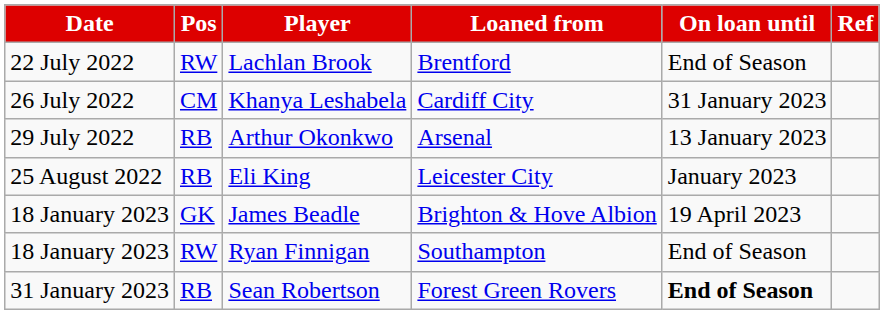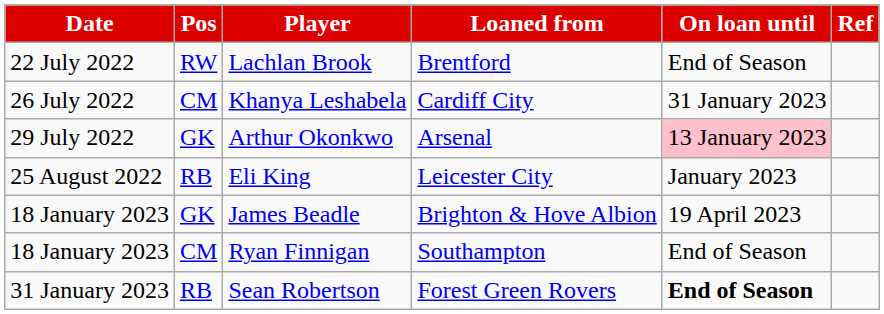 <table class="wikitable plainrowheaders sortable">
 <tr>
 <th style="background:#DD0000; color:#ffffff; ">Date</th>
 <th style="background:#DD0000; color:#ffffff; ">Pos</th>
 <th style="background:#DD0000; color:#ffffff; ">Player</th>
 <th style="background:#DD0000; color:#ffffff; ">Loaned from</th>
 <th style="background:#DD0000; color:#ffffff; ">On loan until</th>
 <th style="background:#DD0000; color:#ffffff; ">Ref</th>
 </tr>
 <tr>
 <td>22 July 2022</td>
 <td><a href='#'>RW</a></td>
 <td> <a href='#'>Lachlan Brook</a></td>
 <td> <a href='#'>Brentford</a></td>
 <td>End of Season</td>
 <td></td>
 </tr>
 <tr>
 <td>26 July 2022</td>
 <td><a href='#'>CM</a></td>
 <td> <a href='#'>Khanya Leshabela</a></td>
 <td> <a href='#'>Cardiff City</a></td>
 <td>31 January 2023</td>
 <td></td>
 </tr>
 <tr>
 <td>29 July 2022</td>
-<td><a href='#'>RB</a></td>
+<td><a href='#'>GK</a></td>
 <td> <a href='#'>Arthur Okonkwo</a></td>
 <td> <a href='#'>Arsenal</a></td>
-<td>13 January 2023</td>
+<td style="background: pink;">13 January 2023</td>
 <td></td>
 </tr>
 <tr>
 <td>25 August 2022</td>
 <td><a href='#'>RB</a></td>
 <td> <a href='#'>Eli King</a></td>
 <td> <a href='#'>Leicester City</a></td>
 <td>January 2023</td>
 <td></td>
 </tr>
 <tr>
 <td>18 January 2023</td>
 <td><a href='#'>GK</a></td>
 <td> <a href='#'>James Beadle</a></td>
 <td> <a href='#'>Brighton & Hove Albion</a></td>
 <td>19 April 2023</td>
 <td></td>
 </tr>
 <tr>
 <td>18 January 2023</td>
-<td><a href='#'>RW</a></td>
+<td><a href='#'>CM</a></td>
 <td> <a href='#'>Ryan Finnigan</a></td>
 <td> <a href='#'>Southampton</a></td>
 <td>End of Season</td>
 <td></td>
 </tr>
 <tr>
 <td>31 January 2023</td>
 <td><a href='#'>RB</a></td>
 <td> <a href='#'>Sean Robertson</a></td>
 <td> <a href='#'>Forest Green Rovers</a></td>
 <td><strong>End of Season</strong></td>
 <td></td>
 </tr>
 </table>
